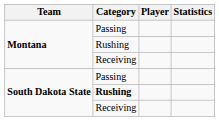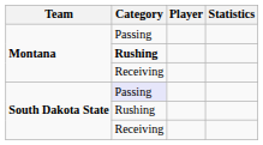 <table class="wikitable" style="float: right;">
 <tr>
 <th>Team</th>
 <th>Category</th>
 <th>Player</th>
 <th>Statistics</th>
 </tr>
 <tr>
 <td rowspan=3><strong>Montana</strong></td>
 <td>Passing</td>
 <td></td>
 <td></td>
 </tr>
 <tr>
-<td>Rushing</td>
+<td><strong>Rushing</strong></td>
 <td></td>
 <td></td>
 </tr>
 <tr>
 <td>Receiving</td>
 <td></td>
 <td></td>
 </tr>
 <tr>
 <td rowspan=3><strong>South Dakota State</strong></td>
-<td>Passing</td>
+<td style="background: lavender;">Passing</td>
 <td></td>
 <td></td>
 </tr>
 <tr>
-<td><strong>Rushing</strong></td>
+<td>Rushing</td>
 <td></td>
 <td></td>
 </tr>
 <tr>
 <td>Receiving</td>
 <td></td>
 <td></td>
 </tr>
 </table>
